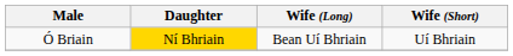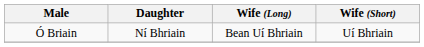 <table class="wikitable" style="text-align:right">
 <tr>
 <th width=20%>Male</th>
 <th width=20%>Daughter</th>
 <th width=20%>Wife <em><small>(Long)</small></em></th>
 <th width=20%>Wife <em><small>(Short)</small></em></th>
 </tr>
 <tr>
 <td align="center">Ó Briain</td>
-<td align="center" style="background: gold;">Ní Bhriain</td>
+<td align="center">Ní Bhriain</td>
 <td align="center">Bean Uí Bhriain</td>
 <td align="center">Uí Bhriain</td>
 </tr>
 <tr>
 </tr>
 </table>
